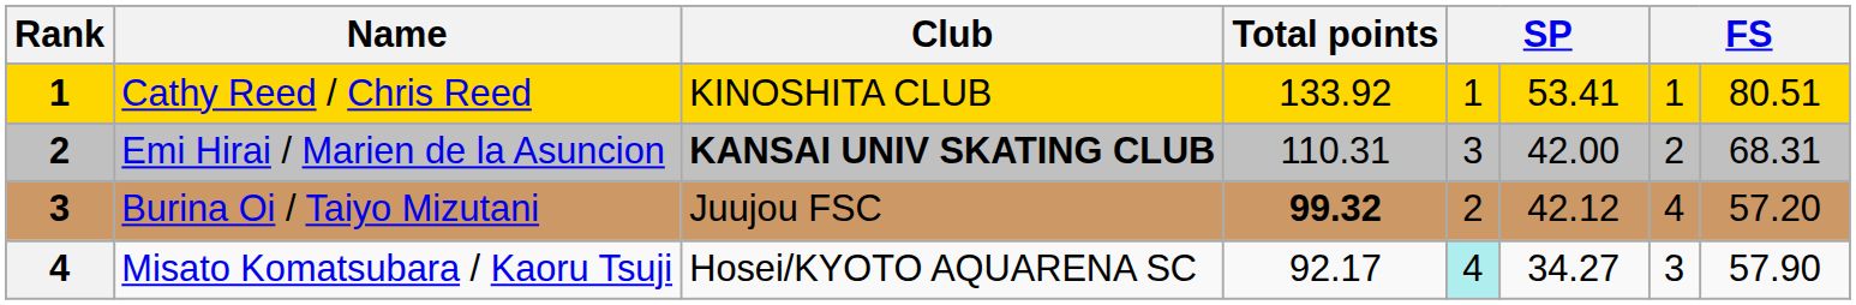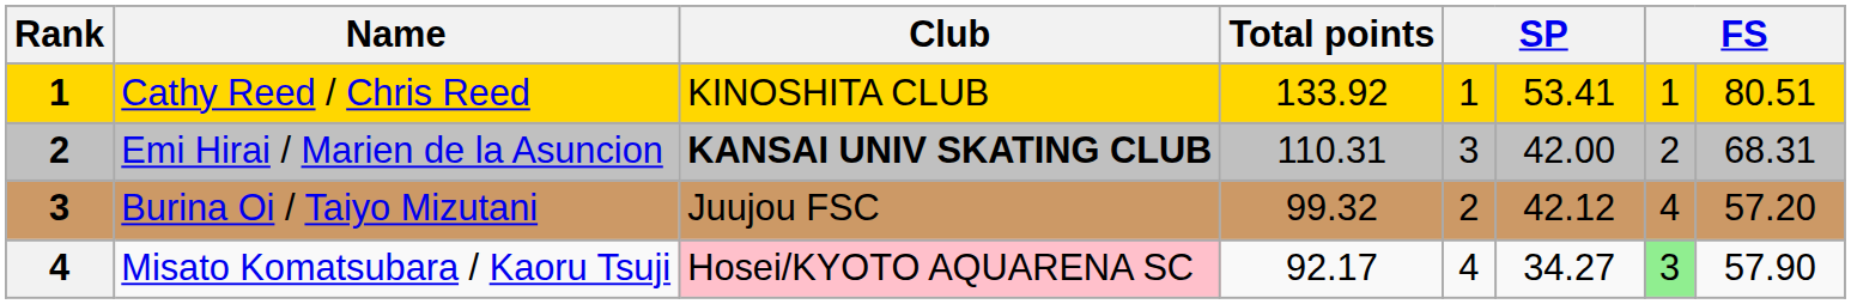 <table class="wikitable sortable">
 <tr>
 <th>Rank</th>
 <th>Name</th>
 <th>Club</th>
 <th>Total points</th>
 <th colspan="2" width="80px"><a href='#'>SP</a></th>
 <th colspan="2" width="80px"><a href='#'>FS</a></th>
 </tr>
 <tr bgcolor="gold">
 <td align="center"><strong>1</strong></td>
 <td><a href='#'>Cathy Reed</a> / <a href='#'>Chris Reed</a></td>
 <td>KINOSHITA CLUB</td>
 <td align="center">133.92</td>
 <td align="center">1</td>
 <td align="center">53.41</td>
 <td align="center">1</td>
 <td align="center">80.51</td>
 </tr>
 <tr bgcolor="silver">
 <td align="center"><strong>2</strong></td>
 <td><a href='#'>Emi Hirai</a> / <a href='#'>Marien de la Asuncion</a></td>
 <td><strong>KANSAI UNIV SKATING CLUB</strong></td>
 <td align="center">110.31</td>
 <td align="center">3</td>
 <td align="center">42.00</td>
 <td align="center">2</td>
 <td align="center">68.31</td>
 </tr>
 <tr bgcolor="cc9966">
 <td align="center"><strong>3</strong></td>
 <td><a href='#'>Burina Oi</a> / <a href='#'>Taiyo Mizutani</a></td>
 <td>Juujou FSC</td>
-<td align="center"><strong>99.32</strong></td>
+<td align="center">99.32</td>
 <td align="center">2</td>
 <td align="center">42.12</td>
 <td align="center">4</td>
 <td align="center">57.20</td>
 </tr>
 <tr>
 <th>4</th>
 <td><a href='#'>Misato Komatsubara</a> / <a href='#'>Kaoru Tsuji</a></td>
-<td>Hosei/KYOTO AQUARENA SC</td>
+<td style="background: pink;">Hosei/KYOTO AQUARENA SC</td>
 <td align="center">92.17</td>
-<td align="center" style="background: paleturquoise;">4</td>
+<td align="center">4</td>
 <td align="center">34.27</td>
-<td align="center">3</td>
+<td align="center" style="background: lightgreen;">3</td>
 <td align="center">57.90</td>
 </tr>
 </table>
